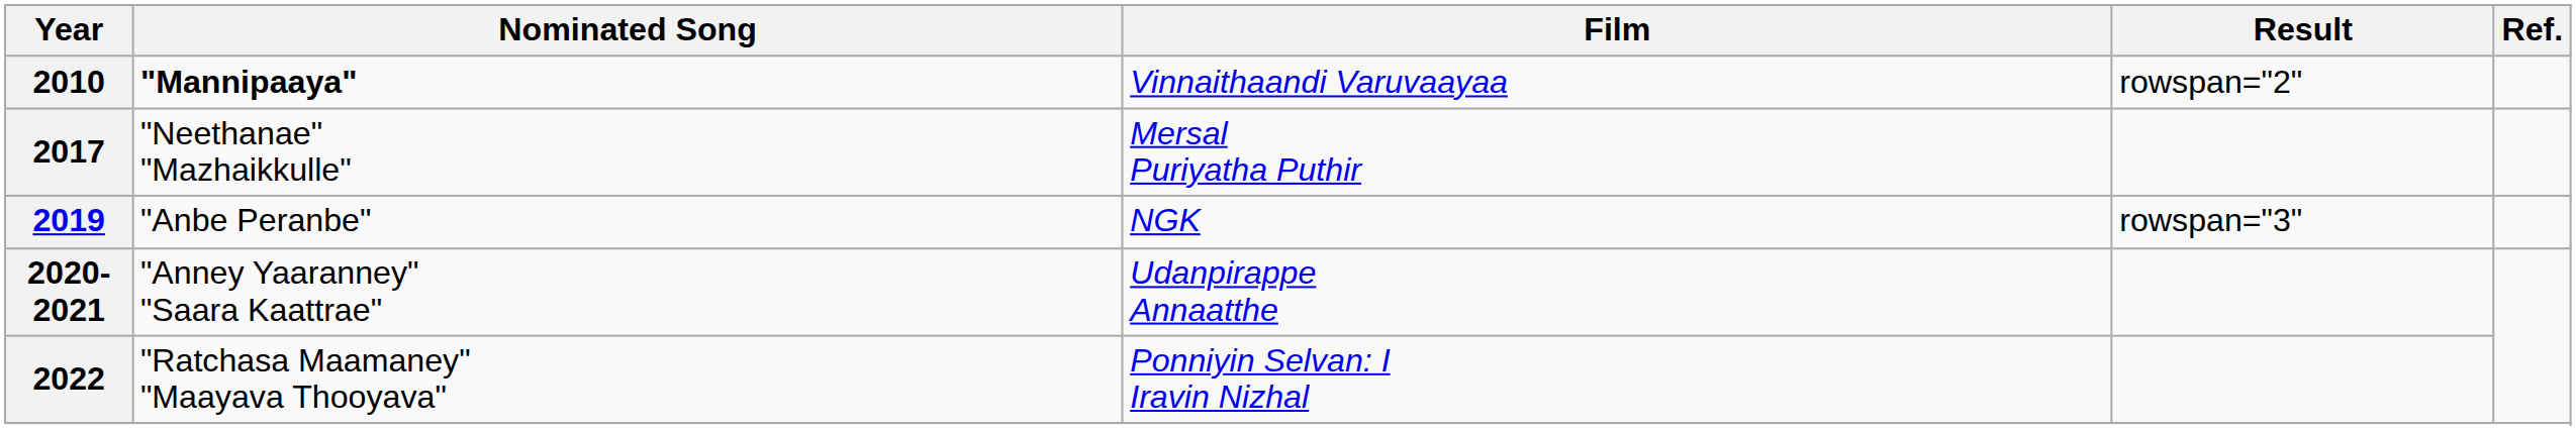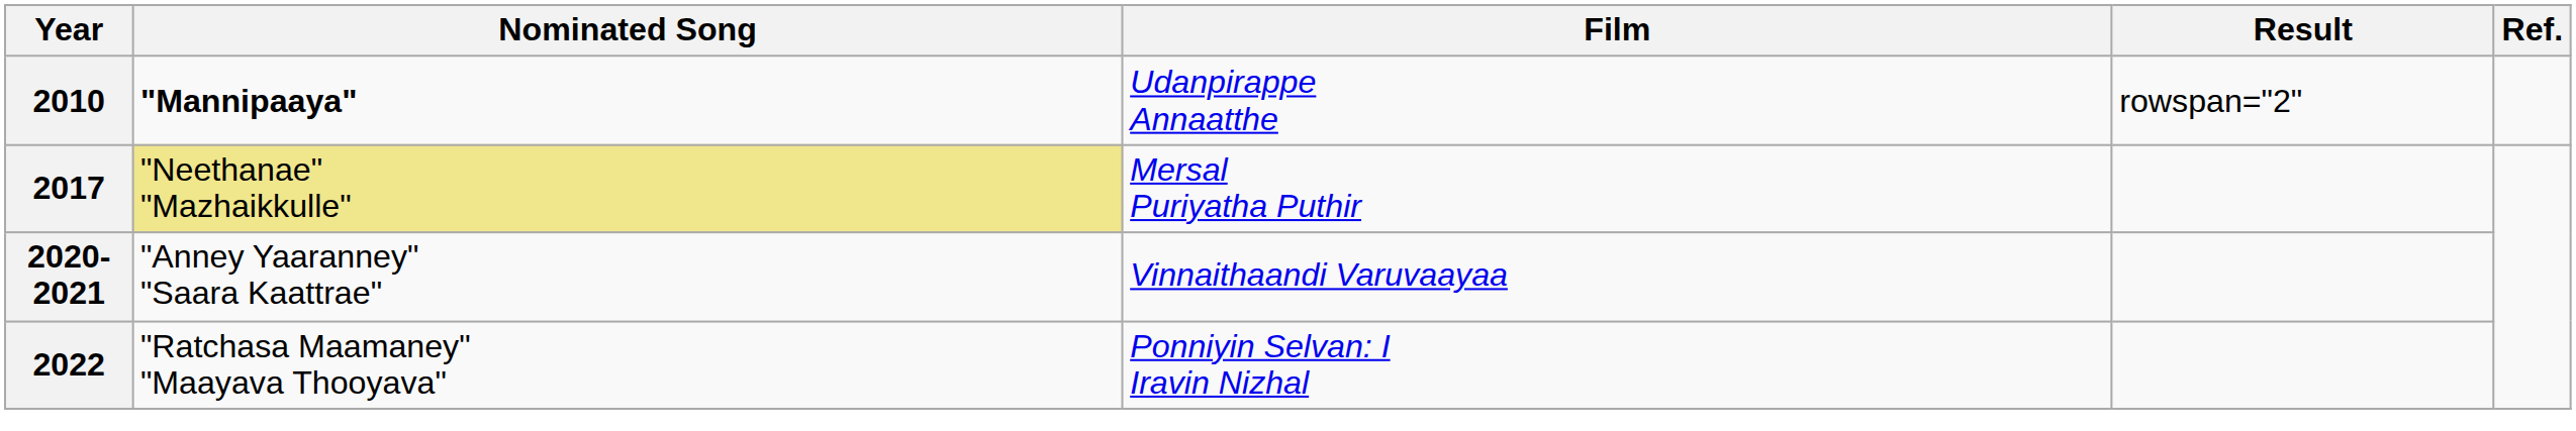 <table class="wikitable plainrowheaders" width="100%" textcolor:#000;">
 <tr>
 <th scope="col" width=5%><strong>Year</strong></th>
 <th scope="col" width=39%><strong>Nominated Song</strong></th>
 <th scope="col" width=39%><strong>Film</strong></th>
 <th scope="col" width=15%><strong>Result</strong></th>
 <th scope="col" width=2%><strong>Ref.</strong></th>
 </tr>
 <tr>
 <th scope="row">2010</th>
 <td><strong>"Mannipaaya"</strong></td>
-<td><em><a href='#'>Vinnaithaandi Varuvaayaa</a></em></td>
+<td><em><a href='#'>Udanpirappe</a></em><br><em><a href='#'>Annaatthe</a></em></td>
 <td>rowspan="2" </td>
 <td></td>
 </tr>
 <tr>
 <th scope="row">2017</th>
-<td>"Neethanae"<br>"Mazhaikkulle"</td>
+<td style="background: khaki;">"Neethanae"<br>"Mazhaikkulle"</td>
 <td><a href='#'><em>Mersal</em></a><br><em><a href='#'>Puriyatha Puthir</a></em></td>
-<td></td>
-</tr>
-<tr>
-<th scope="row"><a href='#'>2019</a></th>
-<td>"Anbe Peranbe"</td>
-<td><a href='#'><em>NGK</em></a></td>
-<td>rowspan="3"</td>
 <td></td>
 </tr>
 <tr>
 <th scope="row">2020-2021</th>
 <td>"Anney Yaaranney"<br>"Saara Kaattrae"</td>
-<td><em><a href='#'>Udanpirappe</a></em><br><em><a href='#'>Annaatthe</a></em></td>
+<td><em><a href='#'>Vinnaithaandi Varuvaayaa</a></em></td>
 <td></td>
 </tr>
 <tr>
 <th scope="row">2022</th>
 <td>"Ratchasa Maamaney"<br>"Maayava Thooyava"</td>
 <td><em><a href='#'>Ponniyin Selvan: I</a></em><br><em><a href='#'>Iravin Nizhal</a></em></td>
 <td></td>
 </tr>
 <tr>
 </tr>
 </table>
